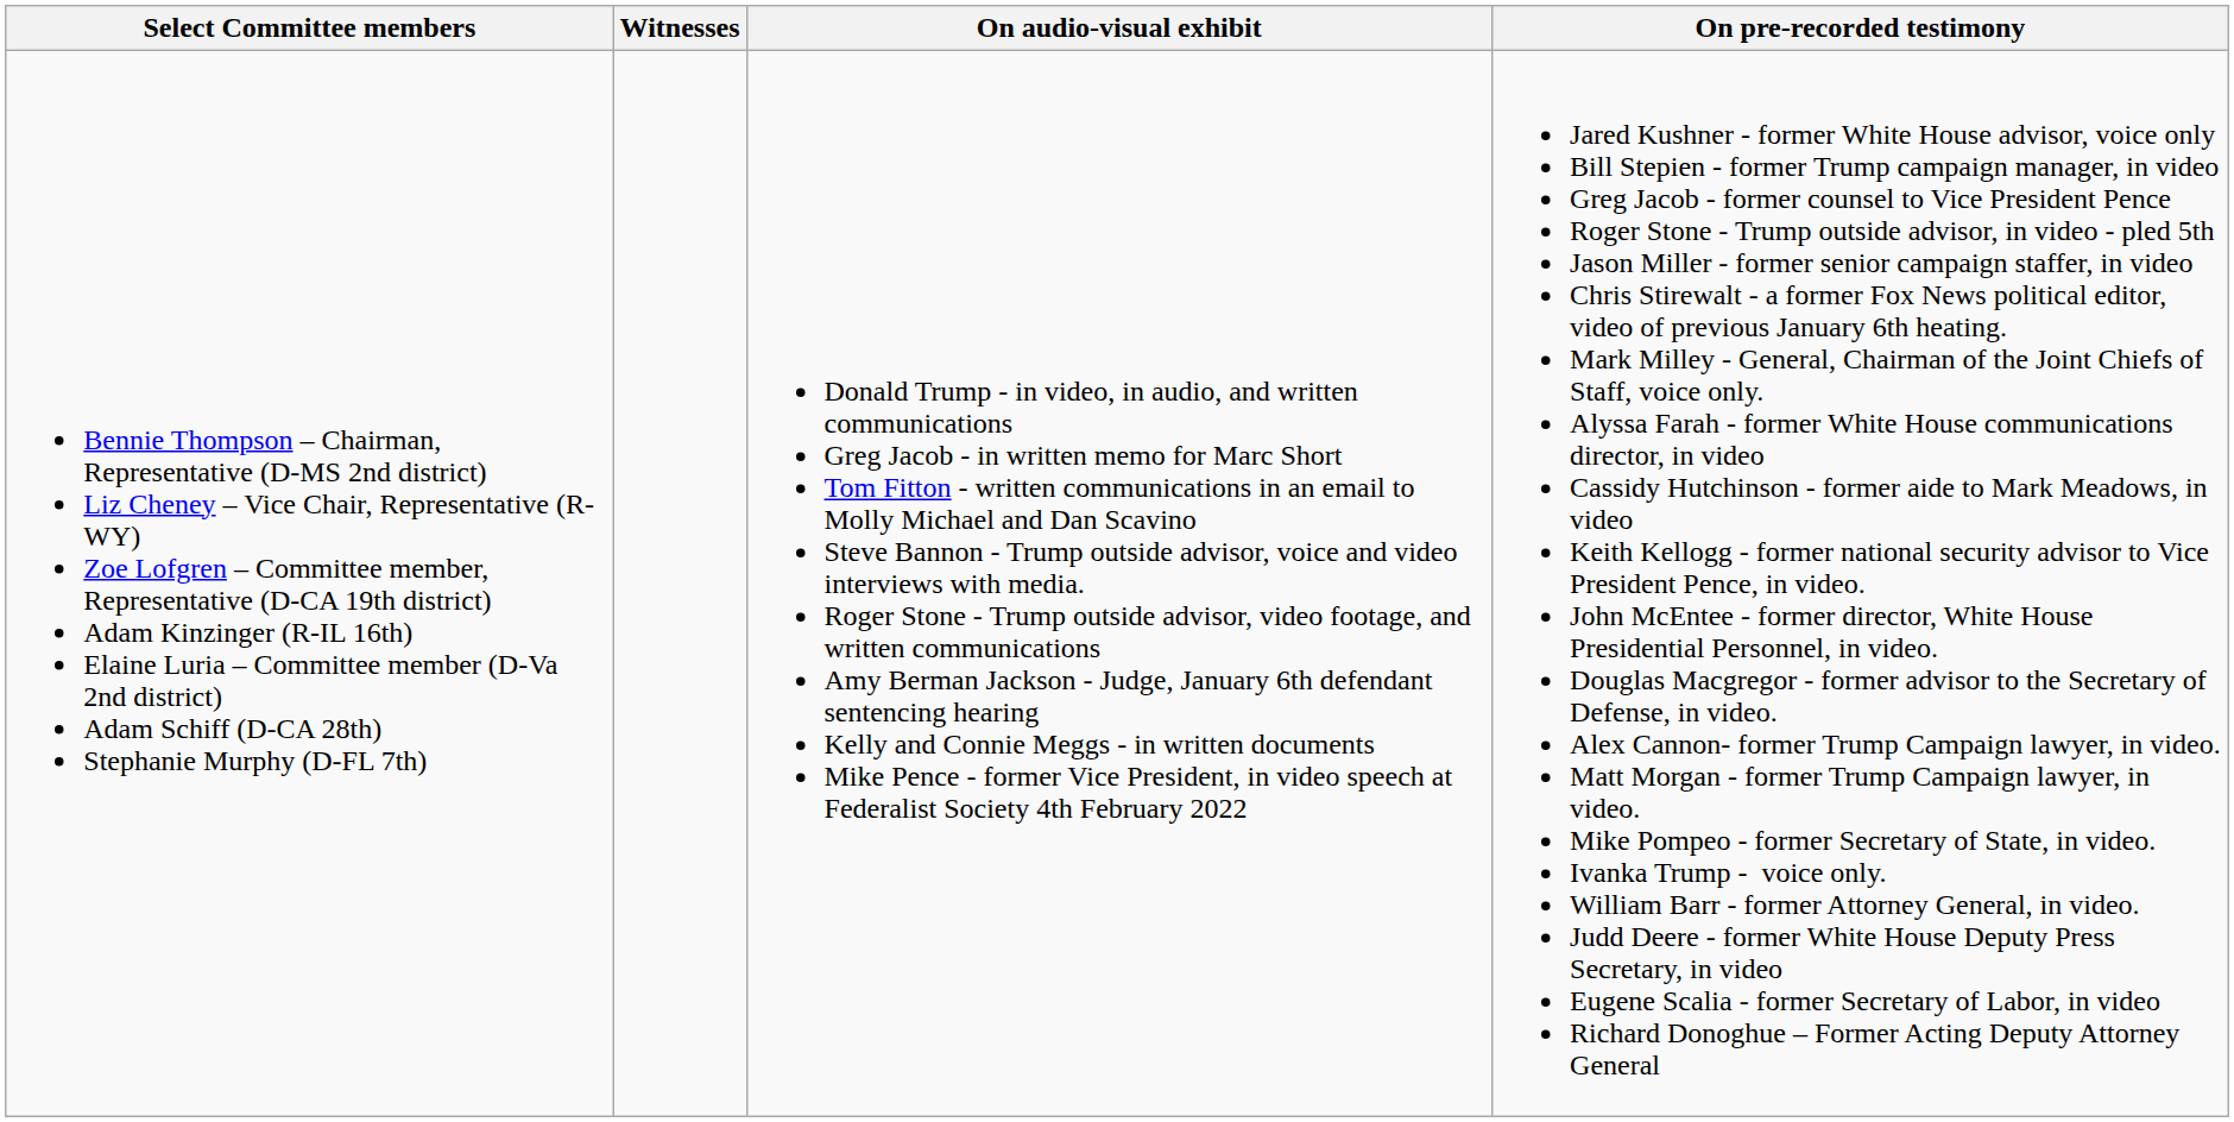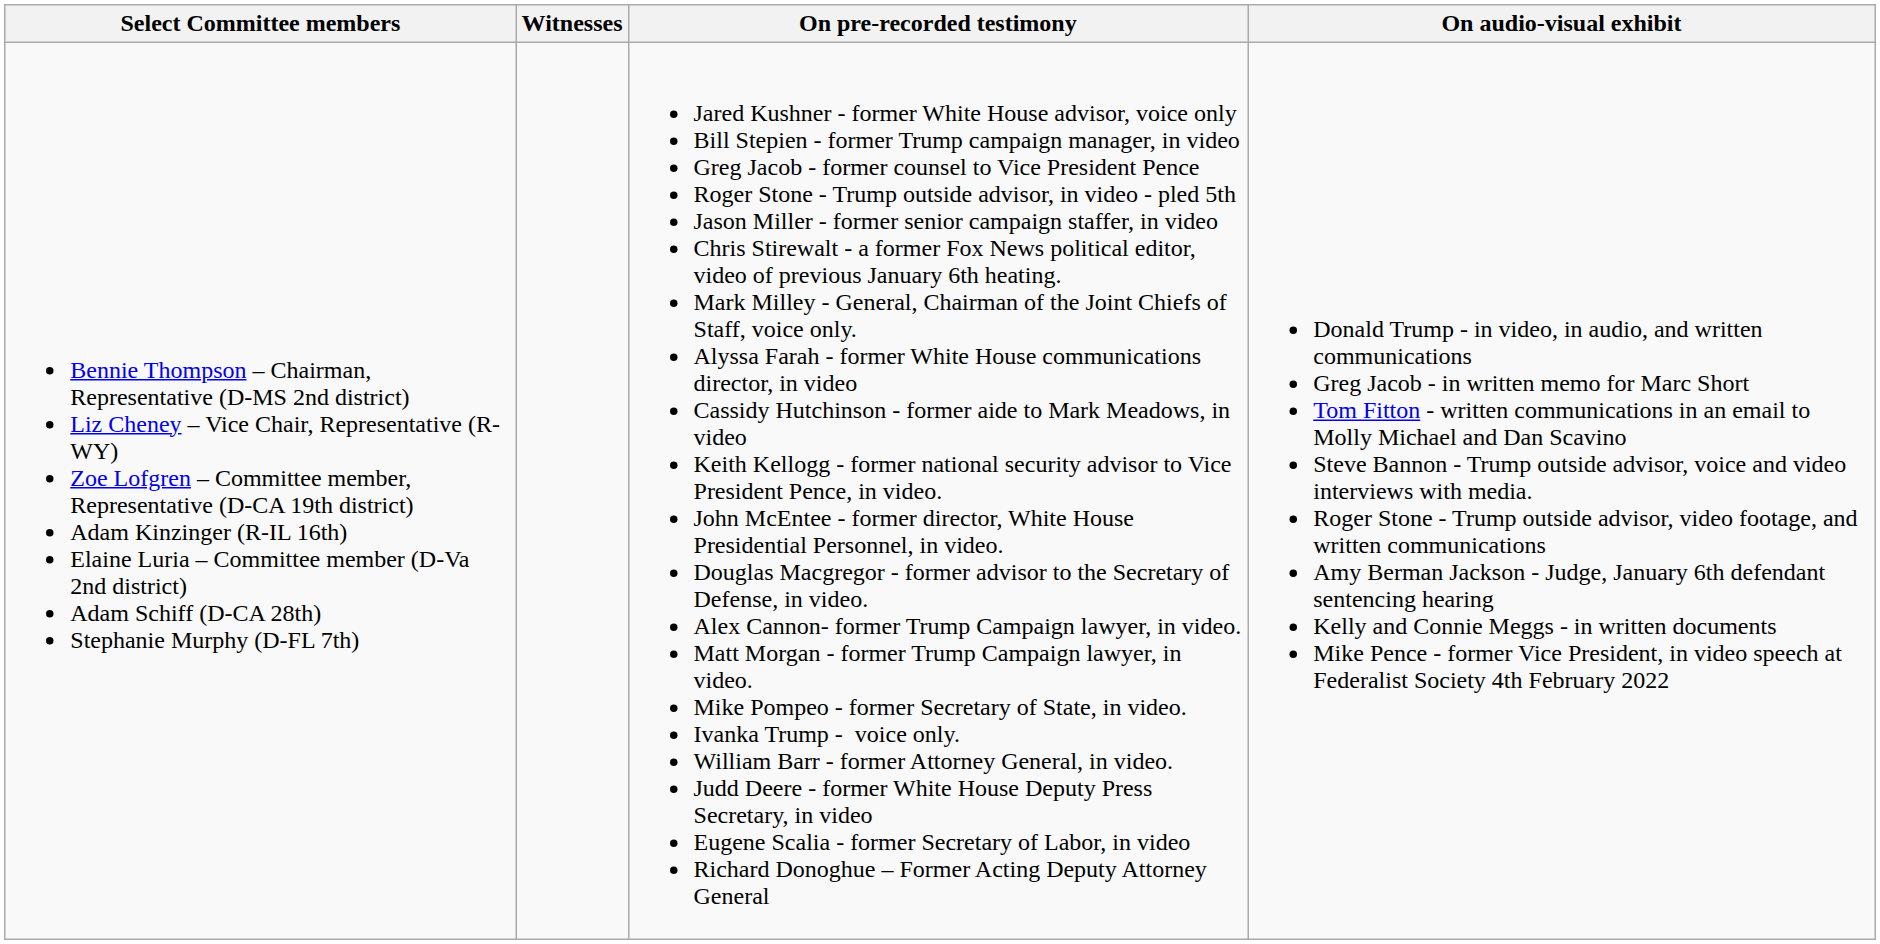 <table class="vertical-align-top wikitable mw-collapsible mw-collapsed">
 <tr>
 <th>Select Committee members</th>
 <th>Witnesses</th>
+<th>On pre-recorded testimony</th>
 <th>On audio-visual exhibit</th>
-<th>On pre-recorded testimony</th>
 </tr>
 <tr>
 <td><br><ul><li><a href='#'>Bennie Thompson</a> – Chairman, Representative (D-MS 2nd district)</li><li><a href='#'>Liz Cheney</a>  – Vice Chair, Representative (R-WY)</li><li><a href='#'>Zoe Lofgren</a> – Committee member, Representative (D-CA 19th district)</li><li>Adam Kinzinger (R-IL 16th)</li><li>Elaine Luria – Committee member (D-Va 2nd district)</li><li>Adam Schiff (D-CA 28th)</li><li>Stephanie Murphy (D-FL 7th)</li></ul></td>
 <td></td>
+<td><br><ul><li>Jared Kushner - former White House advisor, voice only</li><li>Bill Stepien - former Trump campaign manager, in video</li><li>Greg Jacob - former counsel to Vice President Pence</li><li>Roger Stone - Trump outside advisor, in video - pled 5th</li><li>Jason Miller - former senior campaign staffer, in video</li><li>Chris Stirewalt - a former Fox News political editor, video of previous January 6th heating.</li><li>Mark Milley - General, Chairman of the Joint Chiefs of Staff, voice only.</li><li>Alyssa Farah - former White House communications director, in video</li><li>Cassidy Hutchinson - former aide to Mark Meadows, in video</li><li>Keith Kellogg - former national security advisor to Vice President Pence, in video.</li><li>John McEntee - former director, White House Presidential Personnel, in video.</li><li>Douglas Macgregor - former advisor to the Secretary of Defense, in video.</li><li>Alex Cannon- former Trump Campaign lawyer, in video.</li><li>Matt Morgan - former Trump Campaign lawyer, in video.</li><li>Mike Pompeo - former Secretary of State, in video.</li><li>Ivanka Trump -  voice only.</li><li>William Barr - former Attorney General, in video.</li><li>Judd Deere - former White House Deputy Press Secretary, in video</li><li>Eugene Scalia - former Secretary of Labor, in video</li><li>Richard Donoghue – Former Acting Deputy Attorney General</li></ul></td>
 <td><br><ul><li>Donald Trump - in video, in audio, and written communications</li><li>Greg Jacob - in written memo for Marc Short</li><li><a href='#'>Tom Fitton</a> - written communications in an email to Molly Michael and Dan Scavino</li><li>Steve Bannon - Trump outside advisor, voice and video interviews with media.</li><li>Roger Stone - Trump outside advisor, video footage, and written communications</li><li>Amy Berman Jackson - Judge, January 6th defendant sentencing hearing</li><li>Kelly and Connie Meggs - in written documents</li><li>Mike Pence - former Vice President, in video speech at Federalist Society 4th February 2022</li></ul></td>
-<td><br><ul><li>Jared Kushner - former White House advisor, voice only</li><li>Bill Stepien - former Trump campaign manager, in video</li><li>Greg Jacob - former counsel to Vice President Pence</li><li>Roger Stone - Trump outside advisor, in video - pled 5th</li><li>Jason Miller - former senior campaign staffer, in video</li><li>Chris Stirewalt - a former Fox News political editor, video of previous January 6th heating.</li><li>Mark Milley - General, Chairman of the Joint Chiefs of Staff, voice only.</li><li>Alyssa Farah - former White House communications director, in video</li><li>Cassidy Hutchinson - former aide to Mark Meadows, in video</li><li>Keith Kellogg - former national security advisor to Vice President Pence, in video.</li><li>John McEntee - former director, White House Presidential Personnel, in video.</li><li>Douglas Macgregor - former advisor to the Secretary of Defense, in video.</li><li>Alex Cannon- former Trump Campaign lawyer, in video.</li><li>Matt Morgan - former Trump Campaign lawyer, in video.</li><li>Mike Pompeo - former Secretary of State, in video.</li><li>Ivanka Trump -  voice only.</li><li>William Barr - former Attorney General, in video.</li><li>Judd Deere - former White House Deputy Press Secretary, in video</li><li>Eugene Scalia - former Secretary of Labor, in video</li><li>Richard Donoghue – Former Acting Deputy Attorney General</li></ul></td>
 </tr>
 </table>
